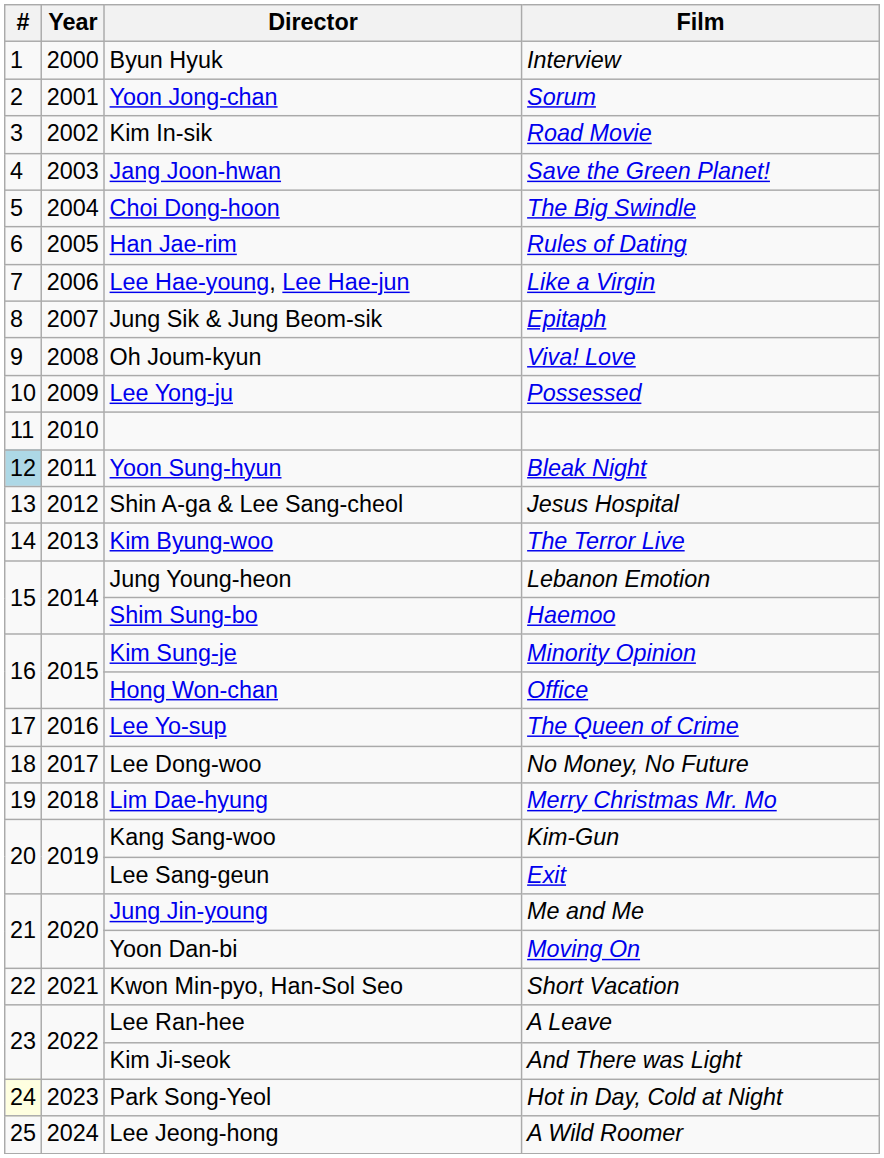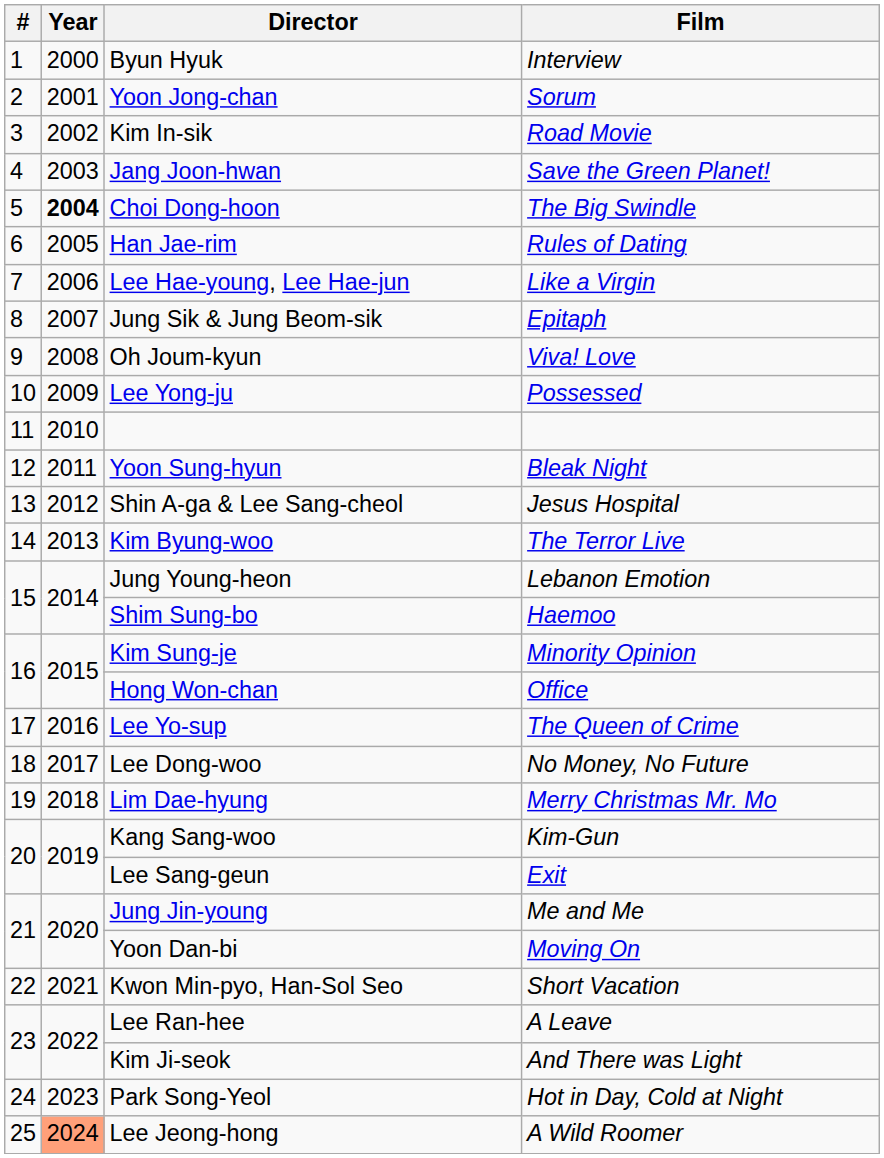 <table class="wikitable" style="width:600px">
 <tr>
 <th width=10>#</th>
 <th width=10>Year</th>
 <th>Director</th>
 <th>Film</th>
 </tr>
 <tr>
 <td>1</td>
 <td>2000</td>
 <td>Byun Hyuk</td>
 <td><em>Interview</em></td>
 </tr>
 <tr>
 <td>2</td>
 <td>2001</td>
 <td><a href='#'>Yoon Jong-chan</a></td>
 <td><em><a href='#'>Sorum</a></em></td>
 </tr>
 <tr>
 <td>3</td>
 <td>2002</td>
 <td>Kim In-sik</td>
 <td><em><a href='#'>Road Movie</a></em></td>
 </tr>
 <tr>
 <td>4</td>
 <td>2003</td>
 <td><a href='#'>Jang Joon-hwan</a></td>
 <td><em><a href='#'>Save the Green Planet!</a></em></td>
 </tr>
 <tr>
 <td>5</td>
-<td>2004</td>
+<td><strong>2004</strong></td>
 <td><a href='#'>Choi Dong-hoon</a></td>
 <td><em><a href='#'>The Big Swindle</a></em></td>
 </tr>
 <tr>
 <td>6</td>
 <td>2005</td>
 <td><a href='#'>Han Jae-rim</a></td>
 <td><em><a href='#'>Rules of Dating</a></em></td>
 </tr>
 <tr>
 <td>7</td>
 <td>2006</td>
 <td><a href='#'>Lee Hae-young</a>, <a href='#'>Lee Hae-jun</a></td>
 <td><em><a href='#'>Like a Virgin</a></em></td>
 </tr>
 <tr>
 <td>8</td>
 <td>2007</td>
 <td>Jung Sik & Jung Beom-sik</td>
 <td><em><a href='#'>Epitaph</a></em></td>
 </tr>
 <tr>
 <td>9</td>
 <td>2008</td>
 <td>Oh Joum-kyun</td>
 <td><em><a href='#'>Viva! Love</a></em></td>
 </tr>
 <tr>
 <td>10</td>
 <td>2009</td>
 <td><a href='#'>Lee Yong-ju</a></td>
 <td><em><a href='#'>Possessed</a></em></td>
 </tr>
 <tr>
 <td>11</td>
 <td>2010</td>
 <td></td>
 <td></td>
 </tr>
 <tr>
-<td style="background: lightblue;">12</td>
+<td>12</td>
 <td>2011</td>
 <td><a href='#'>Yoon Sung-hyun</a></td>
 <td><em><a href='#'>Bleak Night</a></em></td>
 </tr>
 <tr>
 <td>13</td>
 <td>2012</td>
 <td>Shin A-ga & Lee Sang-cheol</td>
 <td><em>Jesus Hospital</em></td>
 </tr>
 <tr>
 <td>14</td>
 <td>2013</td>
 <td><a href='#'>Kim Byung-woo</a></td>
 <td><em><a href='#'>The Terror Live</a></em></td>
 </tr>
 <tr>
 <td rowspan=2>15</td>
 <td rowspan=2>2014</td>
 <td>Jung Young-heon</td>
 <td><em>Lebanon Emotion</em></td>
 </tr>
 <tr>
 <td><a href='#'>Shim Sung-bo</a></td>
 <td><em><a href='#'>Haemoo</a></em></td>
 </tr>
 <tr>
 <td rowspan=2>16</td>
 <td rowspan=2>2015</td>
 <td><a href='#'>Kim Sung-je</a></td>
 <td><em><a href='#'>Minority Opinion</a></em></td>
 </tr>
 <tr>
 <td><a href='#'>Hong Won-chan</a></td>
 <td><em><a href='#'>Office</a></em></td>
 </tr>
 <tr>
 <td>17</td>
 <td>2016</td>
 <td><a href='#'>Lee Yo-sup</a></td>
 <td><em><a href='#'>The Queen of Crime</a></em></td>
 </tr>
 <tr>
 <td>18</td>
 <td>2017</td>
 <td>Lee Dong-woo</td>
 <td><em>No Money, No Future</em></td>
 </tr>
 <tr>
 <td>19</td>
 <td>2018</td>
 <td><a href='#'>Lim Dae-hyung</a></td>
 <td><em><a href='#'>Merry Christmas Mr. Mo</a></em></td>
 </tr>
 <tr>
 <td rowspan=2>20</td>
 <td rowspan=2>2019</td>
 <td>Kang Sang-woo</td>
 <td><em>Kim-Gun</em></td>
 </tr>
 <tr>
 <td>Lee Sang-geun</td>
 <td><em><a href='#'>Exit</a></em></td>
 </tr>
 <tr>
 <td rowspan=2>21</td>
 <td rowspan=2>2020</td>
 <td><a href='#'>Jung Jin-young</a></td>
 <td><em>Me and Me</em></td>
 </tr>
 <tr>
 <td>Yoon Dan-bi</td>
 <td><em><a href='#'>Moving On</a></em></td>
 </tr>
 <tr>
 <td>22</td>
 <td>2021</td>
 <td>Kwon Min-pyo, Han-Sol Seo</td>
 <td><em>Short Vacation</em></td>
 </tr>
 <tr>
 <td rowspan=2>23</td>
 <td rowspan=2>2022</td>
 <td>Lee Ran-hee</td>
 <td><em>A Leave</em></td>
 </tr>
 <tr>
 <td>Kim Ji-seok</td>
 <td><em>And There was Light</em></td>
 </tr>
 <tr>
-<td style="background: lightyellow;">24</td>
+<td>24</td>
 <td>2023</td>
 <td>Park Song-Yeol</td>
 <td><em>Hot in Day, Cold at Night</em></td>
 </tr>
 <tr>
 <td>25</td>
-<td>2024</td>
+<td style="background: lightsalmon;">2024</td>
 <td>Lee Jeong-hong</td>
 <td><em>A Wild Roomer</em></td>
 </tr>
 <tr>
 </tr>
 </table>
